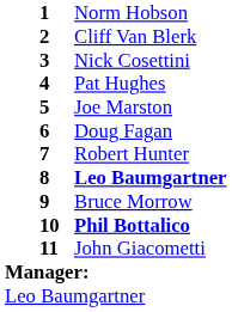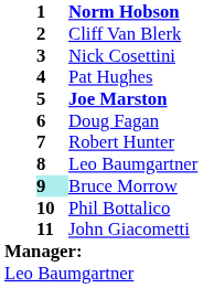 <table style="font-size: 90%" cellspacing="0" cellpadding="0">
 <tr>
 <th width="25"></th>
 <th width="25"></th>
 </tr>
 <tr>
 <td></td>
 <td><strong>1</strong></td>
-<td> <a href='#'>Norm Hobson</a></td>
+<td><strong> <a href='#'>Norm Hobson</a></strong></td>
 </tr>
 <tr>
 <td></td>
 <td><strong>2</strong></td>
 <td> <a href='#'>Cliff Van Blerk</a></td>
 </tr>
 <tr>
 <td></td>
 <td><strong>3</strong></td>
 <td> <a href='#'>Nick Cosettini</a></td>
 </tr>
 <tr>
 <td></td>
 <td><strong>4</strong></td>
 <td> <a href='#'>Pat Hughes</a></td>
 </tr>
 <tr>
 <td></td>
 <td><strong>5</strong></td>
-<td> <a href='#'>Joe Marston</a></td>
+<td><strong> <a href='#'>Joe Marston</a></strong></td>
 </tr>
 <tr>
 <td></td>
 <td><strong>6</strong></td>
 <td> <a href='#'>Doug Fagan</a></td>
 </tr>
 <tr>
 <td></td>
 <td><strong>7</strong></td>
 <td> <a href='#'>Robert Hunter</a></td>
 </tr>
 <tr>
 <td></td>
 <td><strong>8</strong></td>
-<td><strong> <a href='#'>Leo Baumgartner</a></strong></td>
+<td> <a href='#'>Leo Baumgartner</a></td>
 </tr>
 <tr>
 <td></td>
-<td><strong>9</strong></td>
+<td style="background: paleturquoise;"><strong>9</strong></td>
 <td> <a href='#'>Bruce Morrow</a></td>
 </tr>
 <tr>
 <td></td>
 <td><strong>10</strong></td>
-<td><strong> <a href='#'>Phil Bottalico</a></strong></td>
+<td> <a href='#'>Phil Bottalico</a></td>
 </tr>
 <tr>
 <td></td>
 <td><strong>11</strong></td>
 <td> <a href='#'>John Giacometti</a></td>
 </tr>
 <tr>
 <td colspan=4><strong>Manager:</strong></td>
 </tr>
 <tr>
 <td colspan=4> <a href='#'>Leo Baumgartner</a></td>
 </tr>
 </table>
